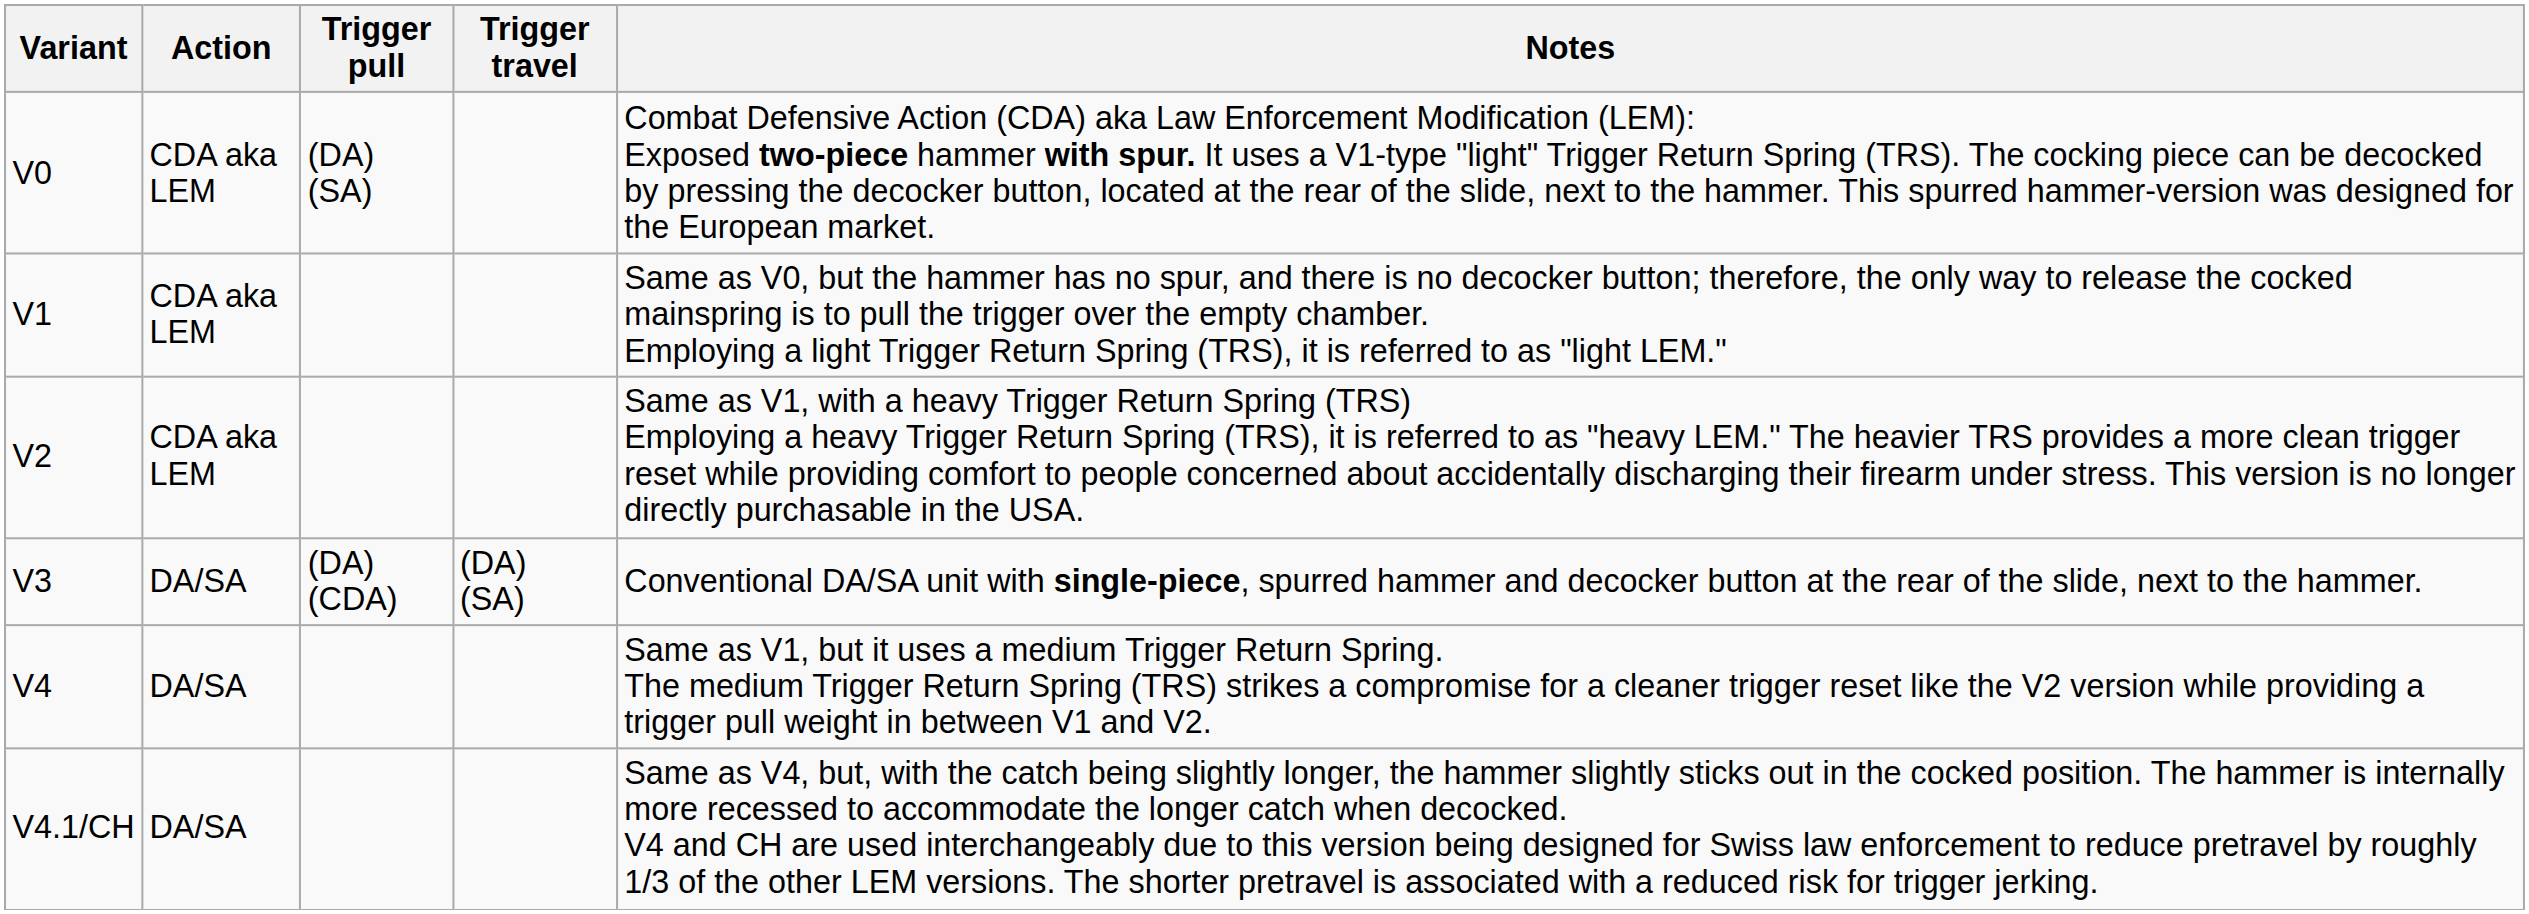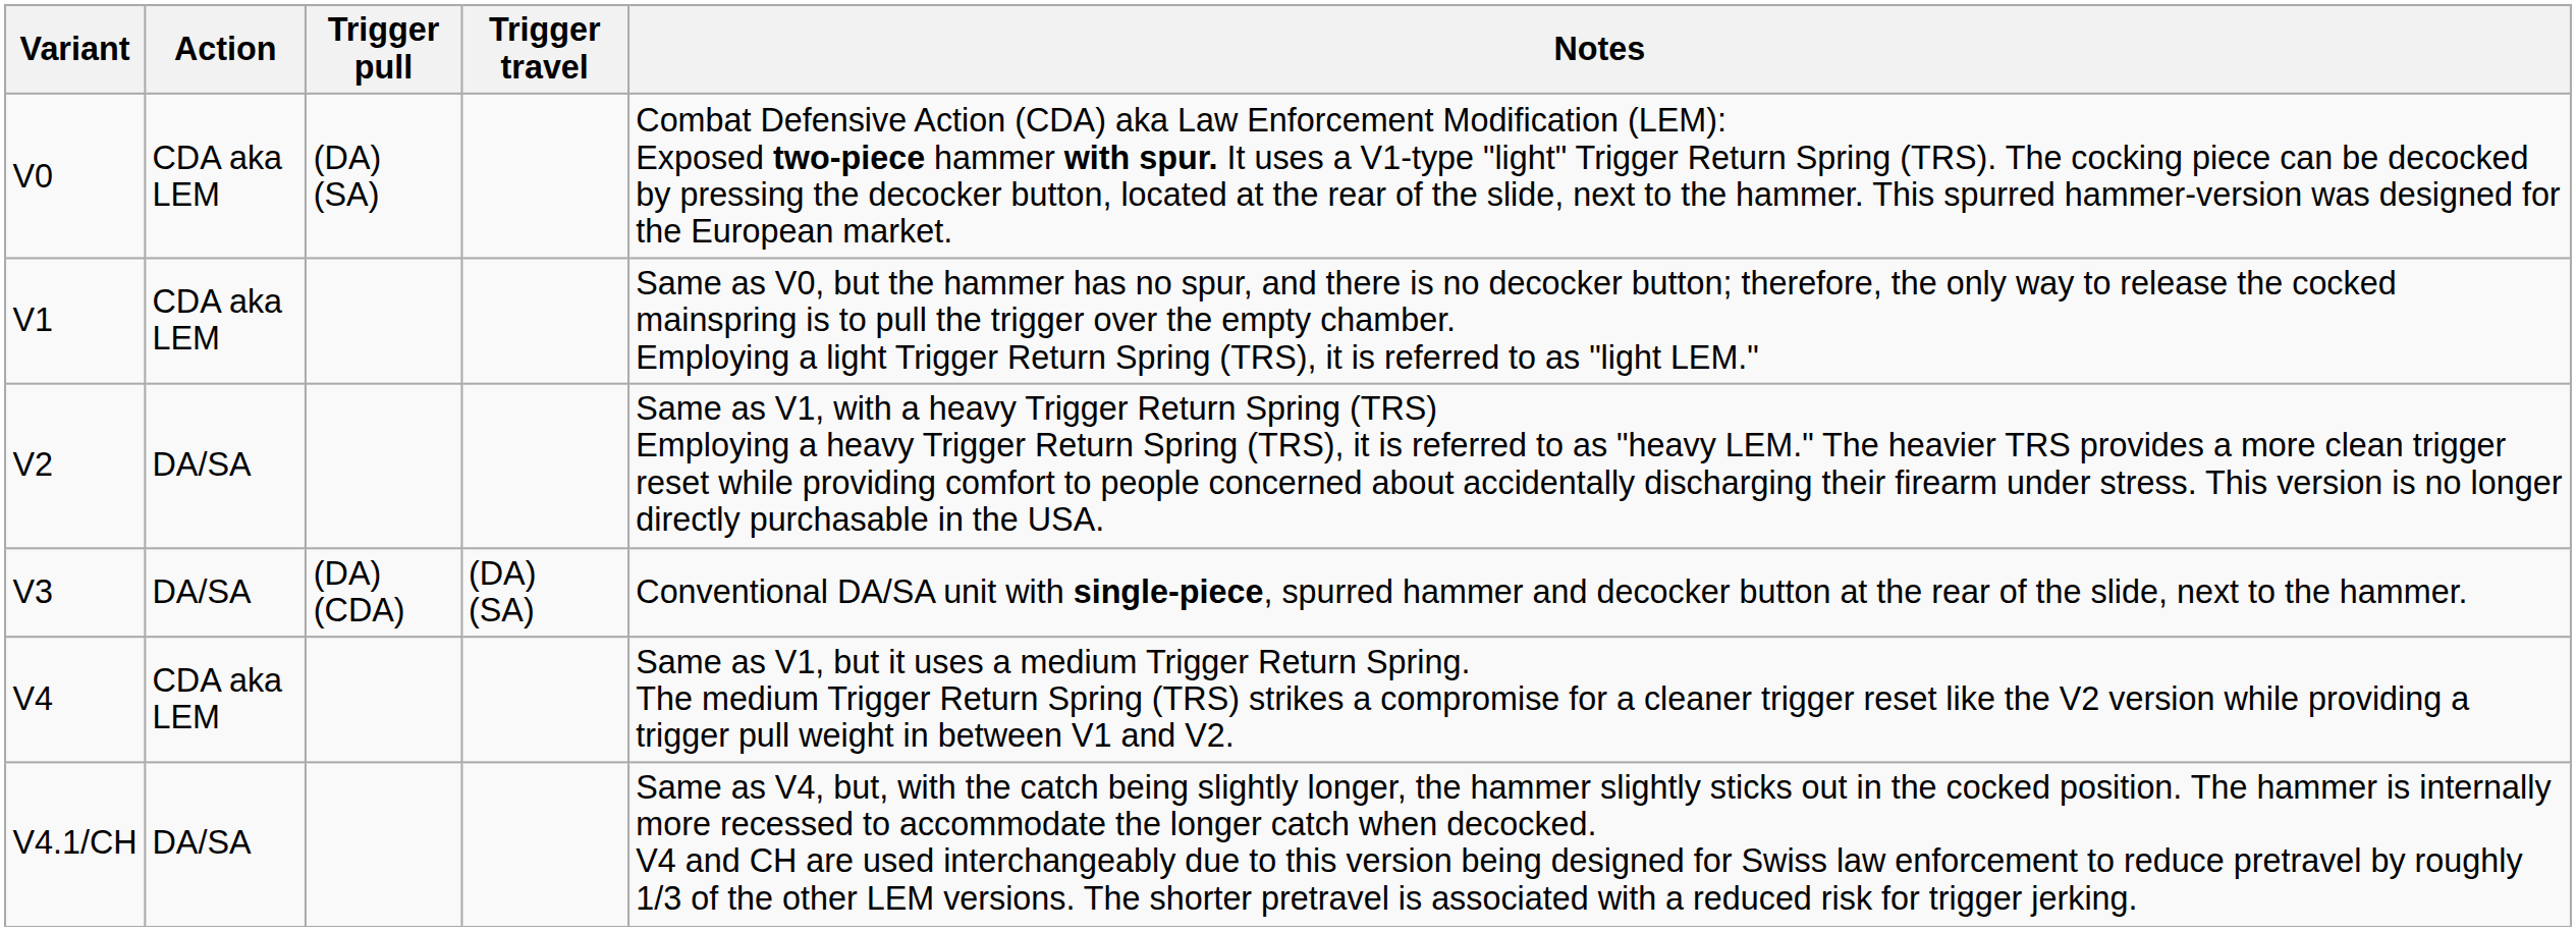 <table class="wikitable">
 <tr>
 <th>Variant</th>
 <th>Action</th>
 <th>Trigger pull</th>
 <th>Trigger travel</th>
 <th>Notes</th>
 </tr>
 <tr>
 <td>V0</td>
 <td>CDA aka LEM</td>
 <td> (DA) <br> (SA)</td>
 <td></td>
 <td>Combat Defensive Action (CDA) aka Law Enforcement Modification (LEM):<br>Exposed <strong>two-piece</strong> hammer <strong>with spur.</strong> It uses a V1-type "light" Trigger Return Spring (TRS). The cocking piece can be decocked by pressing the decocker button, located at the rear of the slide, next to the hammer. This spurred hammer-version was designed for the European market.</td>
 </tr>
 <tr>
 <td>V1</td>
 <td>CDA aka LEM</td>
 <td></td>
 <td></td>
 <td>Same as V0, but the hammer has no spur, and there is no decocker button; therefore, the only way to release the cocked mainspring is to pull the trigger over the empty chamber.<br>Employing a light Trigger Return Spring (TRS), it is referred to as "light LEM."</td>
 </tr>
 <tr>
 <td>V2</td>
-<td>CDA aka LEM</td>
+<td>DA/SA</td>
 <td></td>
 <td></td>
 <td>Same as V1, with a heavy Trigger Return Spring (TRS)<br>Employing a heavy Trigger Return Spring (TRS), it is referred to as "heavy LEM." The heavier TRS provides a more clean trigger reset while providing comfort to people concerned about accidentally discharging their firearm under stress. This version is no longer directly purchasable in the USA.</td>
 </tr>
 <tr>
 <td>V3</td>
 <td>DA/SA</td>
 <td> (DA) <br>  (CDA)</td>
 <td> (DA) <br> (SA)</td>
 <td>Conventional DA/SA unit with <strong>single-piece</strong>, spurred hammer and decocker button at the rear of the slide, next to the hammer.</td>
 </tr>
 <tr>
 <td>V4</td>
-<td>DA/SA</td>
+<td>CDA aka LEM</td>
 <td></td>
 <td></td>
 <td>Same as V1, but it uses a medium Trigger Return Spring.<br>The medium Trigger Return Spring (TRS) strikes a compromise for a cleaner trigger reset like the V2 version while providing a trigger pull weight in between V1 and V2.</td>
 </tr>
 <tr>
 <td>V4.1/CH</td>
 <td>DA/SA</td>
 <td></td>
 <td></td>
 <td>Same as V4, but, with the catch being slightly longer, the hammer slightly sticks out in the cocked position. The hammer is internally more recessed to accommodate the longer catch when decocked.<br>V4 and CH are used interchangeably due to this version being designed for Swiss law enforcement to reduce pretravel by roughly 1/3 of the other LEM versions. The shorter pretravel is associated with a reduced risk for trigger jerking.</td>
 </tr>
 </table>
